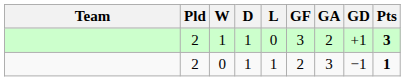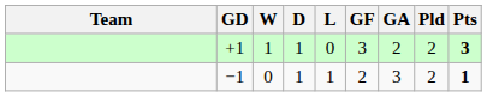 <table class="wikitable" style="text-align:center;">
 <tr>
 <th width=180>Team</th>
-<th width=20>Pld</th>
+<th width=20>GD</th>
 <th width=20>W</th>
 <th width=20>D</th>
 <th width=20>L</th>
 <th width=20>GF</th>
 <th width=20>GA</th>
-<th width=20>GD</th>
+<th width=20>Pld</th>
 <th width=20>Pts</th>
 </tr>
 <tr bgcolor="ccffcc">
 <td align="left"></td>
-<td>2</td>
+<td>+1</td>
 <td>1</td>
 <td>1</td>
 <td>0</td>
 <td>3</td>
 <td>2</td>
-<td>+1</td>
+<td>2</td>
 <td><strong>3</strong></td>
 </tr>
 <tr>
 <td align="left"></td>
-<td>2</td>
+<td>−1</td>
 <td>0</td>
 <td>1</td>
 <td>1</td>
 <td>2</td>
 <td>3</td>
-<td>−1</td>
+<td>2</td>
 <td><strong>1</strong></td>
 </tr>
 </table>
